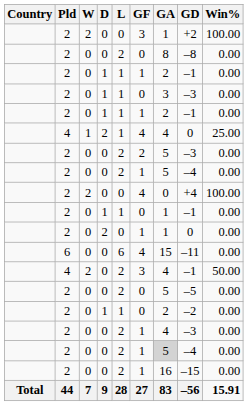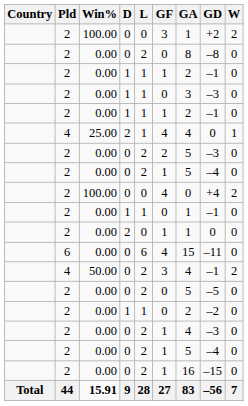 <table class="wikitable sortable plainrowheaders" style="text-align:center">
 <tr>
 <th scope="col">Country</th>
 <th scope="col">Pld</th>
-<th scope="col">W</th>
+<th scope="col">Win%</th>
 <th scope="col">D</th>
 <th scope="col">L</th>
 <th scope="col">GF</th>
 <th scope="col">GA</th>
 <th scope="col">GD</th>
-<th scope="col">Win%</th>
+<th scope="col">W</th>
 </tr>
 <tr>
 <td align="left"></td>
 <td>2</td>
-<td>2</td>
+<td align="right">100.00</td>
 <td>0</td>
 <td>0</td>
 <td>3</td>
 <td>1</td>
 <td>+2</td>
-<td align="right">100.00</td>
+<td>2</td>
 </tr>
 <tr>
 <td align="left"></td>
 <td>2</td>
-<td>0</td>
+<td align="right">0.00</td>
 <td>0</td>
 <td>2</td>
 <td>0</td>
 <td>8</td>
 <td>–8</td>
-<td align="right">0.00</td>
+<td>0</td>
 </tr>
 <tr>
 <td align="left"></td>
 <td>2</td>
-<td>0</td>
+<td align="right">0.00</td>
 <td>1</td>
 <td>1</td>
 <td>1</td>
 <td>2</td>
 <td>–1</td>
-<td align="right">0.00</td>
+<td>0</td>
 </tr>
 <tr>
 <td align="left"></td>
+<td>2</td>
+<td align="right">0.00</td>
+<td>1</td>
+<td>1</td>
+<td>0</td>
+<td>3</td>
+<td>–3</td>
+<td>0</td>
+</tr>
+<tr>
+<td align="left"></td>
+<td>2</td>
+<td align="right">0.00</td>
+<td>1</td>
+<td>1</td>
+<td>1</td>
+<td>2</td>
+<td>–1</td>
+<td>0</td>
+</tr>
+<tr>
+<td align="left"></td>
+<td>4</td>
+<td align="right">25.00</td>
+<td>2</td>
+<td>1</td>
+<td>4</td>
+<td>4</td>
+<td>0</td>
+<td>1</td>
+</tr>
+<tr>
+<td align="left"></td>
+<td>2</td>
+<td align="right">0.00</td>
+<td>0</td>
+<td>2</td>
+<td>2</td>
+<td>5</td>
+<td>–3</td>
+<td>0</td>
+</tr>
+<tr>
+<td align="left"></td>
+<td>2</td>
+<td align="right">0.00</td>
+<td>0</td>
+<td>2</td>
+<td>1</td>
+<td>5</td>
+<td>–4</td>
+<td>0</td>
+</tr>
+<tr>
+<td align="left"></td>
+<td>2</td>
+<td align="right">100.00</td>
+<td>0</td>
+<td>0</td>
+<td>4</td>
+<td>0</td>
+<td>+4</td>
+<td>2</td>
+</tr>
+<tr>
+<td align="left"></td>
+<td>2</td>
+<td align="right">0.00</td>
+<td>1</td>
+<td>1</td>
+<td>0</td>
+<td>1</td>
+<td>–1</td>
+<td>0</td>
+</tr>
+<tr>
+<td align="left"></td>
+<td>2</td>
+<td align="right">0.00</td>
 <td>2</td>
 <td>0</td>
 <td>1</td>
 <td>1</td>
 <td>0</td>
+<td>0</td>
+</tr>
+<tr>
+<td align="left"></td>
+<td>6</td>
+<td align="right">0.00</td>
+<td>0</td>
+<td>6</td>
+<td>4</td>
+<td>15</td>
+<td>–11</td>
+<td>0</td>
+</tr>
+<tr>
+<td align="left"></td>
+<td>4</td>
+<td align="right">50.00</td>
+<td>0</td>
+<td>2</td>
 <td>3</td>
-<td>–3</td>
-<td align="right">0.00</td>
+<td>4</td>
+<td>–1</td>
+<td>2</td>
 </tr>
 <tr>
 <td align="left"></td>
 <td>2</td>
+<td align="right">0.00</td>
 <td>0</td>
-<td>1</td>
-<td>1</td>
-<td>1</td>
 <td>2</td>
-<td>–1</td>
-<td align="right">0.00</td>
-</tr>
-<tr>
-<td align="left"></td>
-<td>4</td>
-<td>1</td>
-<td>2</td>
-<td>1</td>
-<td>4</td>
-<td>4</td>
 <td>0</td>
-<td align="right">25.00</td>
+<td>5</td>
+<td>–5</td>
+<td>0</td>
 </tr>
 <tr>
 <td align="left"></td>
 <td>2</td>
-<td>0</td>
+<td align="right">0.00</td>
+<td>1</td>
+<td>1</td>
 <td>0</td>
 <td>2</td>
-<td>2</td>
-<td>5</td>
-<td>–3</td>
-<td align="right">0.00</td>
+<td>–2</td>
+<td>0</td>
 </tr>
 <tr>
 <td align="left"></td>
 <td>2</td>
+<td align="right">0.00</td>
 <td>0</td>
+<td>2</td>
+<td>1</td>
+<td>4</td>
+<td>–3</td>
+<td>0</td>
+</tr>
+<tr>
+<td align="left"></td>
+<td>2</td>
+<td align="right">0.00</td>
 <td>0</td>
 <td>2</td>
 <td>1</td>
 <td>5</td>
 <td>–4</td>
-<td align="right">0.00</td>
+<td>0</td>
 </tr>
 <tr>
 <td align="left"></td>
 <td>2</td>
-<td>2</td>
-<td>0</td>
-<td>0</td>
-<td>4</td>
-<td>0</td>
-<td>+4</td>
-<td align="right">100.00</td>
-</tr>
-<tr>
-<td align="left"></td>
-<td>2</td>
-<td>0</td>
-<td>1</td>
-<td>1</td>
-<td>0</td>
-<td>1</td>
-<td>–1</td>
 <td align="right">0.00</td>
-</tr>
-<tr>
-<td align="left"></td>
-<td>2</td>
-<td>0</td>
-<td>2</td>
-<td>0</td>
-<td>1</td>
-<td>1</td>
-<td>0</td>
-<td align="right">0.00</td>
-</tr>
-<tr>
-<td align="left"></td>
-<td>6</td>
-<td>0</td>
-<td>0</td>
-<td>6</td>
-<td>4</td>
-<td>15</td>
-<td>–11</td>
-<td align="right">0.00</td>
-</tr>
-<tr>
-<td align="left"></td>
-<td>4</td>
-<td>2</td>
-<td>0</td>
-<td>2</td>
-<td>3</td>
-<td>4</td>
-<td>–1</td>
-<td align="right">50.00</td>
-</tr>
-<tr>
-<td align="left"></td>
-<td>2</td>
-<td>0</td>
-<td>0</td>
-<td>2</td>
-<td>0</td>
-<td>5</td>
-<td>–5</td>
-<td align="right">0.00</td>
-</tr>
-<tr>
-<td align="left"></td>
-<td>2</td>
-<td>0</td>
-<td>1</td>
-<td>1</td>
-<td>0</td>
-<td>2</td>
-<td>–2</td>
-<td align="right">0.00</td>
-</tr>
-<tr>
-<td align="left"></td>
-<td>2</td>
-<td>0</td>
-<td>0</td>
-<td>2</td>
-<td>1</td>
-<td>4</td>
-<td>–3</td>
-<td align="right">0.00</td>
-</tr>
-<tr>
-<td align="left"></td>
-<td>2</td>
-<td>0</td>
-<td>0</td>
-<td>2</td>
-<td>1</td>
-<td style="background: lightgrey;">5</td>
-<td>–4</td>
-<td align="right">0.00</td>
-</tr>
-<tr>
-<td align="left"></td>
-<td>2</td>
-<td>0</td>
 <td>0</td>
 <td>2</td>
 <td>1</td>
 <td>16</td>
 <td>–15</td>
-<td align="right">0.00</td>
+<td>0</td>
 </tr>
 <tr>
 <th>Total</th>
 <th>44</th>
-<th>7</th>
+<td align="right"><strong>15.91</strong></td>
 <th>9</th>
 <th>28</th>
 <th>27</th>
 <th>83</th>
 <th>–56</th>
-<td align="right"><strong>15.91</strong></td>
+<th>7</th>
 </tr>
 </table>
